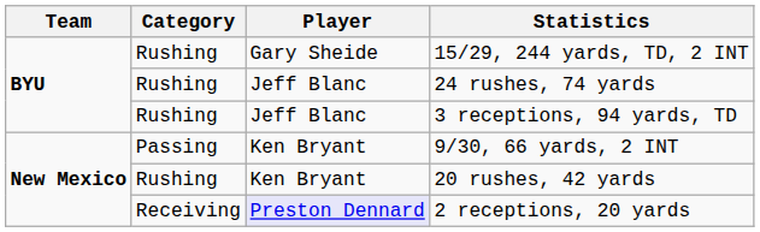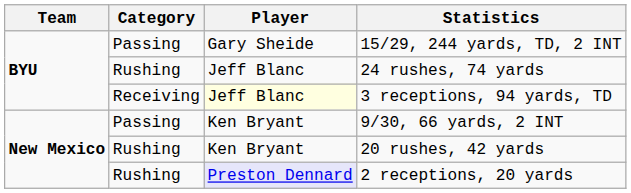 <table class="wikitable" style="float: left;">
 <tr>
 <th>Team</th>
 <th>Category</th>
 <th>Player</th>
 <th>Statistics</th>
 </tr>
 <tr>
 <td rowspan=3><strong>BYU</strong></td>
-<td>Rushing</td>
+<td>Passing</td>
 <td>Gary Sheide</td>
 <td>15/29, 244 yards, TD, 2 INT</td>
 </tr>
 <tr>
 <td>Rushing</td>
 <td>Jeff Blanc</td>
 <td>24 rushes, 74 yards</td>
 </tr>
 <tr>
-<td>Rushing</td>
-<td>Jeff Blanc</td>
+<td>Receiving</td>
+<td style="background: lightyellow;">Jeff Blanc</td>
 <td>3 receptions, 94 yards, TD</td>
 </tr>
 <tr>
 <td rowspan=3><strong>New Mexico</strong></td>
 <td>Passing</td>
 <td>Ken Bryant</td>
 <td>9/30, 66 yards, 2 INT</td>
 </tr>
 <tr>
 <td>Rushing</td>
 <td>Ken Bryant</td>
 <td>20 rushes, 42 yards</td>
 </tr>
 <tr>
-<td>Receiving</td>
+<td>Rushing</td>
 <td style="background: lavender;"><a href='#'>Preston Dennard</a></td>
 <td>2 receptions, 20 yards</td>
 </tr>
 </table>
